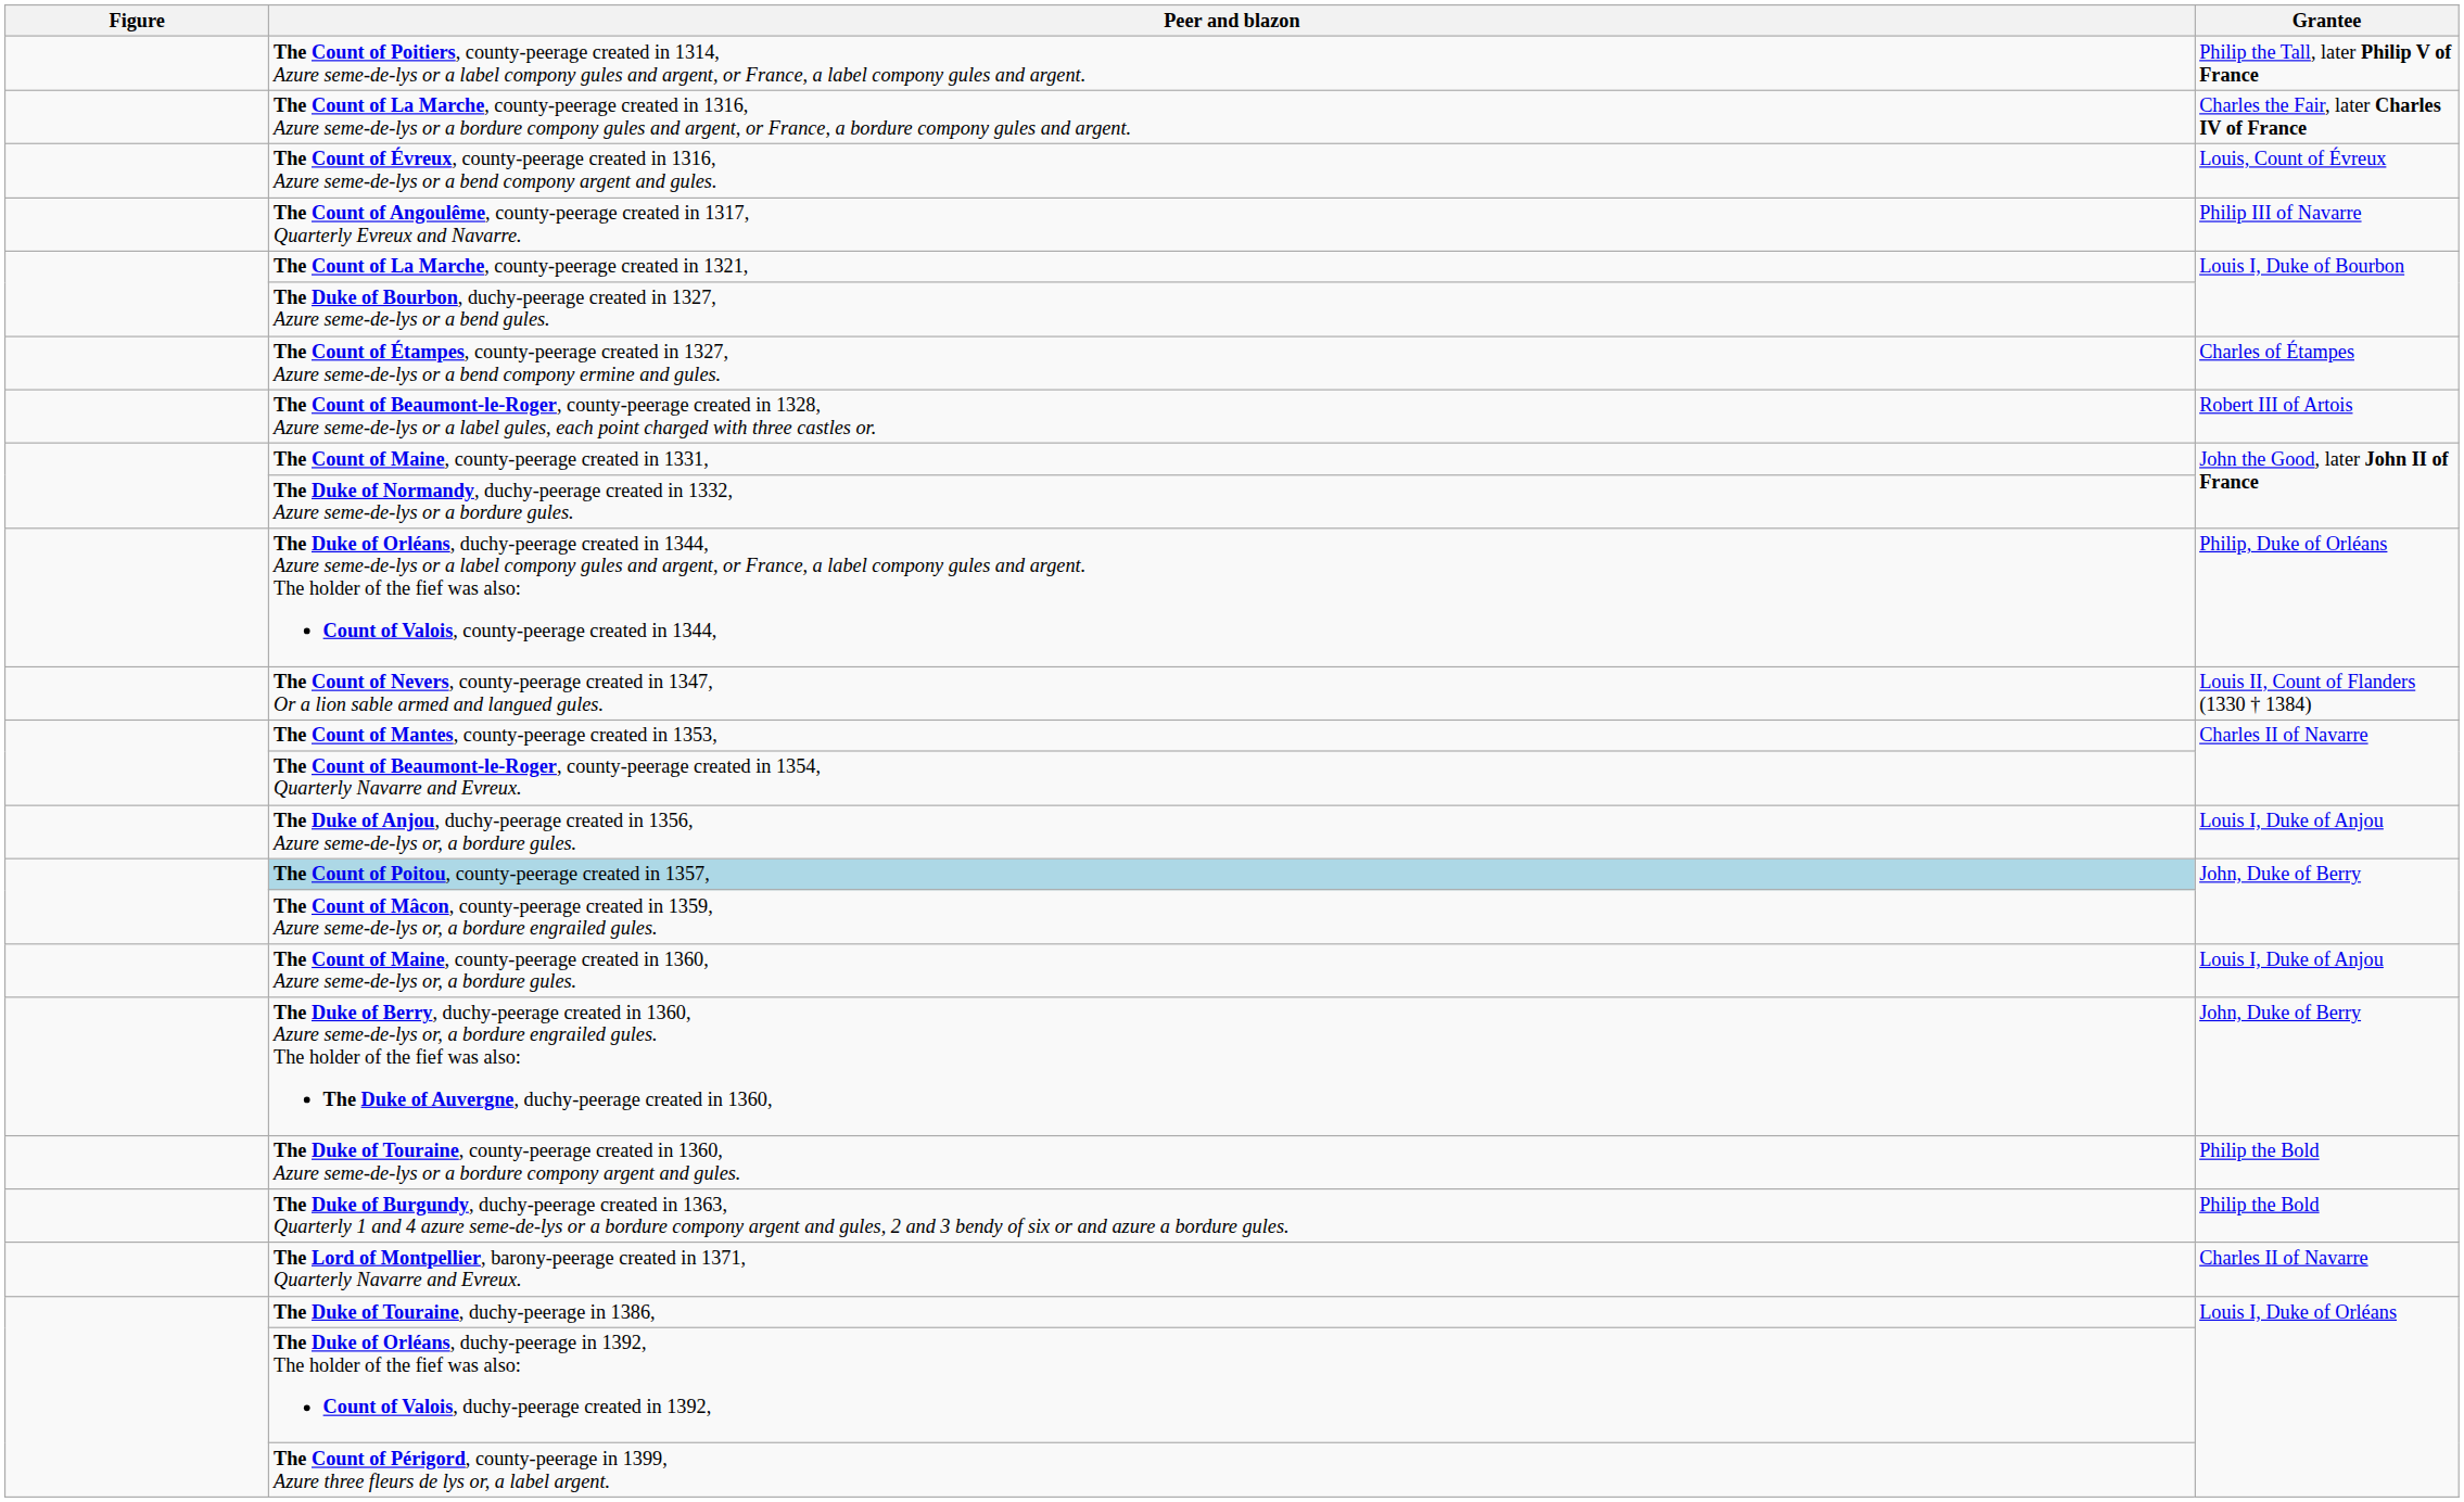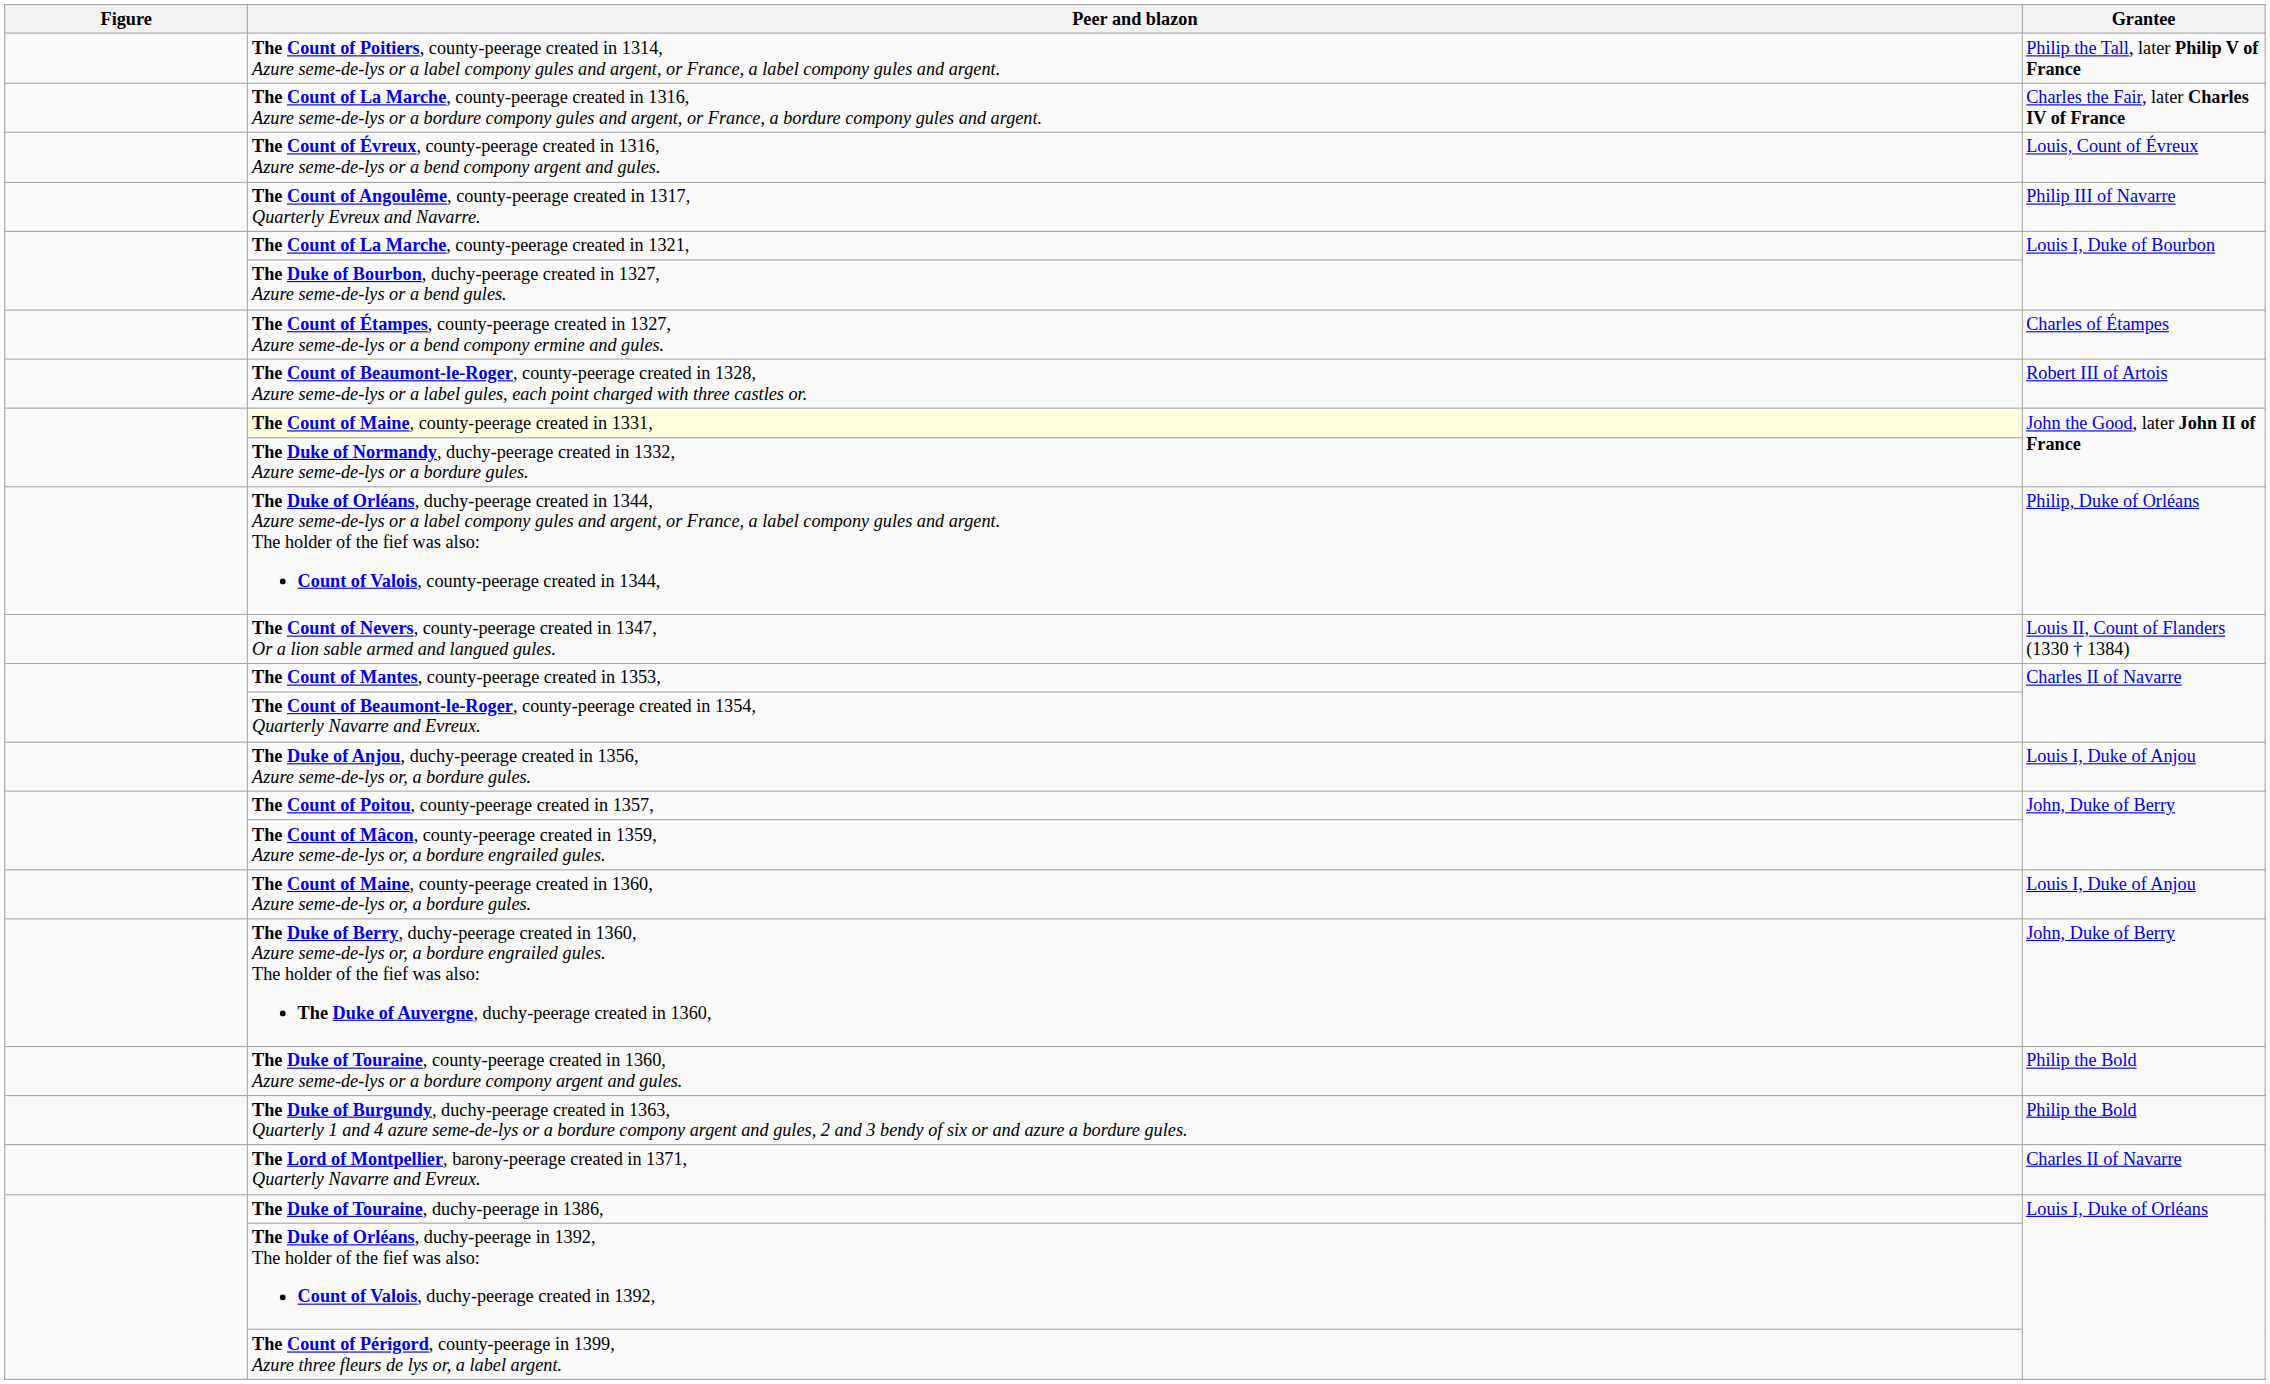 <table class="wikitable" width="100%">
 <tr>
 <th width="206">Figure</th>
 <th>Peer and blazon</th>
 <th width="206">Grantee</th>
 </tr>
 <tr valign="top">
 <td align="center"></td>
 <td><strong>The <a href='#'>Count of Poitiers</a></strong>, county-peerage created in 1314,<br><em>Azure seme-de-lys or a label compony gules and argent, or France, a label compony gules and argent.</em></td>
 <td><a href='#'>Philip the Tall</a>, later <strong>Philip V of France</strong></td>
 </tr>
 <tr valign="top">
 <td align="center"></td>
 <td><strong>The <a href='#'>Count of La Marche</a></strong>, county-peerage created in 1316,<br><em>Azure seme-de-lys or a bordure compony gules and argent, or France, a bordure compony gules and argent.</em></td>
 <td><a href='#'>Charles the Fair</a>, later <strong>Charles IV of France</strong></td>
 </tr>
 <tr valign="top">
 <td align="center"></td>
 <td><strong>The <a href='#'>Count of Évreux</a></strong>, county-peerage created in 1316,<br><em>Azure seme-de-lys or a bend compony argent and gules.</em></td>
 <td><a href='#'>Louis, Count of Évreux</a></td>
 </tr>
 <tr valign="top">
 <td align="center"></td>
 <td><strong>The <a href='#'>Count of Angoulême</a></strong>, county-peerage created in 1317,<br><em>Quarterly Evreux and Navarre.</em></td>
 <td><a href='#'>Philip III of Navarre</a></td>
 </tr>
 <tr valign="top">
 <td align="center" rowspan=2></td>
 <td><strong>The <a href='#'>Count of La Marche</a></strong>, county-peerage created in 1321,</td>
 <td rowspan=2><a href='#'>Louis I, Duke of Bourbon</a></td>
 </tr>
 <tr valign="top">
 <td><strong>The <a href='#'>Duke of Bourbon</a></strong>, duchy-peerage created in 1327,<br><em>Azure seme-de-lys or a bend gules.</em></td>
 </tr>
 <tr valign="top">
 <td align="center"></td>
 <td><strong>The <a href='#'>Count of Étampes</a></strong>, county-peerage created in 1327,<br><em>Azure seme-de-lys or a bend compony ermine and gules.</em></td>
 <td><a href='#'>Charles of Étampes</a></td>
 </tr>
 <tr valign="top">
 <td align="center"></td>
 <td><strong>The <a href='#'>Count of Beaumont-le-Roger</a></strong>, county-peerage created in 1328,<br><em>Azure seme-de-lys or a label gules, each point charged with three castles or.</em></td>
 <td><a href='#'>Robert III of Artois</a></td>
 </tr>
 <tr valign="top">
 <td align="center" rowspan=2></td>
-<td><strong>The <a href='#'>Count of Maine</a></strong>, county-peerage created in 1331,</td>
+<td style="background: lightyellow;"><strong>The <a href='#'>Count of Maine</a></strong>, county-peerage created in 1331,</td>
 <td rowspan=2><a href='#'>John the Good</a>, later <strong>John II of France</strong></td>
 </tr>
 <tr valign="top">
 <td><strong>The <a href='#'>Duke of Normandy</a></strong>, duchy-peerage created in 1332,<br><em>Azure seme-de-lys or a bordure gules.</em></td>
 </tr>
 <tr valign="top">
 <td align="center"></td>
 <td><strong>The <a href='#'>Duke of Orléans</a></strong>, duchy-peerage created in 1344,<br><em>Azure seme-de-lys or a label compony gules and argent, or France, a label compony gules and argent.</em><br>The holder of the fief was also:<ul><li><strong><a href='#'>Count of Valois</a></strong>, county-peerage created in 1344,</li></ul></td>
 <td><a href='#'>Philip, Duke of Orléans</a></td>
 </tr>
 <tr valign="top">
 <td align="center"></td>
 <td><strong>The <a href='#'>Count of Nevers</a></strong>, county-peerage created in 1347,<br><em>Or a lion sable armed and langued gules.</em></td>
 <td><a href='#'>Louis II, Count of Flanders</a> (1330 † 1384)</td>
 </tr>
 <tr valign="top">
 <td align="center" rowspan=2></td>
 <td><strong>The <a href='#'>Count of Mantes</a></strong>, county-peerage created in 1353,</td>
 <td rowspan=2><a href='#'>Charles II of Navarre</a></td>
 </tr>
 <tr valign="top">
 <td><strong>The <a href='#'>Count of Beaumont-le-Roger</a></strong>, county-peerage created in 1354,<br><em>Quarterly Navarre and Evreux.</em></td>
 </tr>
 <tr valign="top">
 <td align="center"></td>
 <td><strong>The <a href='#'>Duke of Anjou</a></strong>, duchy-peerage created in 1356,<br><em>Azure seme-de-lys or, a bordure gules.</em></td>
 <td><a href='#'>Louis I, Duke of Anjou</a></td>
 </tr>
 <tr valign="top">
 <td align="center" rowspan=2></td>
-<td style="background: lightblue;"><strong>The <a href='#'>Count of Poitou</a></strong>, county-peerage created in 1357,</td>
+<td><strong>The <a href='#'>Count of Poitou</a></strong>, county-peerage created in 1357,</td>
 <td rowspan=2><a href='#'>John, Duke of Berry</a></td>
 </tr>
 <tr valign="top">
 <td><strong>The <a href='#'>Count of Mâcon</a></strong>, county-peerage created in 1359,<br><em>Azure seme-de-lys or, a bordure engrailed gules.</em></td>
 </tr>
 <tr valign="top">
 <td align="center"></td>
 <td><strong>The <a href='#'>Count of Maine</a></strong>, county-peerage created in 1360,<br><em>Azure seme-de-lys or, a bordure gules.</em></td>
 <td><a href='#'>Louis I, Duke of Anjou</a></td>
 </tr>
 <tr valign="top">
 <td align="center"></td>
 <td><strong>The <a href='#'>Duke of Berry</a></strong>, duchy-peerage created in 1360,<br><em>Azure seme-de-lys or, a bordure engrailed gules.</em><br>The holder of the fief was also:<ul><li><strong>The <a href='#'>Duke of Auvergne</a></strong>, duchy-peerage created in 1360,</li></ul></td>
 <td><a href='#'>John, Duke of Berry</a></td>
 </tr>
 <tr valign="top">
 <td align="center"></td>
 <td><strong>The <a href='#'>Duke of Touraine</a></strong>, county-peerage created in 1360,<br><em>Azure seme-de-lys or a bordure compony argent and gules.</em></td>
 <td><a href='#'>Philip the Bold</a></td>
 </tr>
 <tr valign="top">
 <td align="center"></td>
 <td><strong>The <a href='#'>Duke of Burgundy</a></strong>, duchy-peerage created in 1363,<br><em>Quarterly 1 and 4 azure seme-de-lys or a bordure compony argent and gules, 2 and 3 bendy of six or and azure a bordure gules.</em></td>
 <td><a href='#'>Philip the Bold</a></td>
 </tr>
 <tr valign="top">
 <td align="center"></td>
 <td><strong>The <a href='#'>Lord of Montpellier</a></strong>, barony-peerage created in 1371,<br><em>Quarterly Navarre and Evreux.</em></td>
 <td><a href='#'>Charles II of Navarre</a></td>
 </tr>
 <tr valign="top">
 <td align="center" rowspan=3></td>
 <td><strong>The <a href='#'>Duke of Touraine</a></strong>, duchy-peerage in 1386,</td>
 <td rowspan=3><a href='#'>Louis I, Duke of Orléans</a></td>
 </tr>
 <tr valign="top">
 <td><strong>The <a href='#'>Duke of Orléans</a></strong>, duchy-peerage in 1392,<br>The holder of the fief was also:<ul><li><strong><a href='#'>Count of Valois</a></strong>, duchy-peerage created in 1392,</li></ul></td>
 </tr>
 <tr valign="top">
 <td><strong>The <a href='#'>Count of Périgord</a></strong>, county-peerage in 1399,<br><em>Azure three fleurs de lys or, a label argent.</em></td>
 </tr>
 </table>
